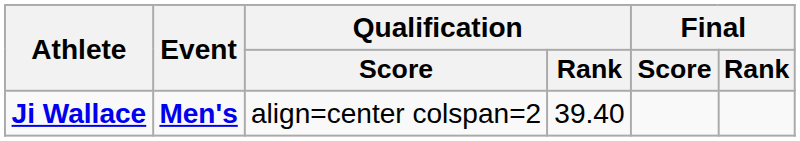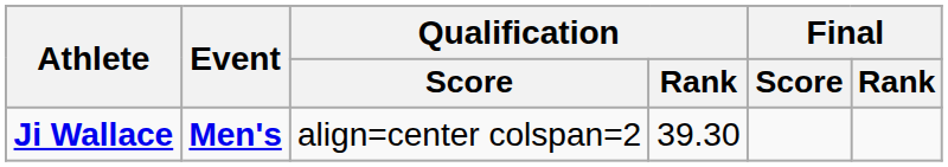 <table class="wikitable" style="font-size:90%">
 <tr>
 <th rowspan="2">Athlete</th>
 <th rowspan="2">Event</th>
 <th colspan="2">Qualification</th>
 <th colspan="2">Final</th>
 </tr>
 <tr style="font-size:95%">
 <th>Score</th>
 <th>Rank</th>
 <th>Score</th>
 <th>Rank</th>
 </tr>
 <tr>
 <td align=left><strong><a href='#'>Ji Wallace</a></strong></td>
 <td align=left><strong><a href='#'>Men's</a></strong></td>
 <td>align=center colspan=2 </td>
-<td align=center>39.40</td>
+<td align=center>39.30</td>
 <td align=center></td>
 </tr>
 </table>
